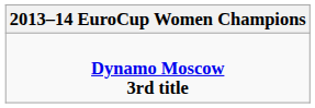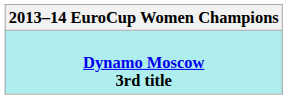 <table class=wikitable style="text-align:center; margin:auto">
 <tr>
 <th>2013–14 EuroCup Women Champions</th>
 </tr>
 <tr>
-<td><br><strong><a href='#'>Dynamo Moscow</a></strong><br><strong>3rd title</strong></td>
+<td style="background: paleturquoise;"><br><strong><a href='#'>Dynamo Moscow</a></strong><br><strong>3rd title</strong></td>
 </tr>
 </table>
